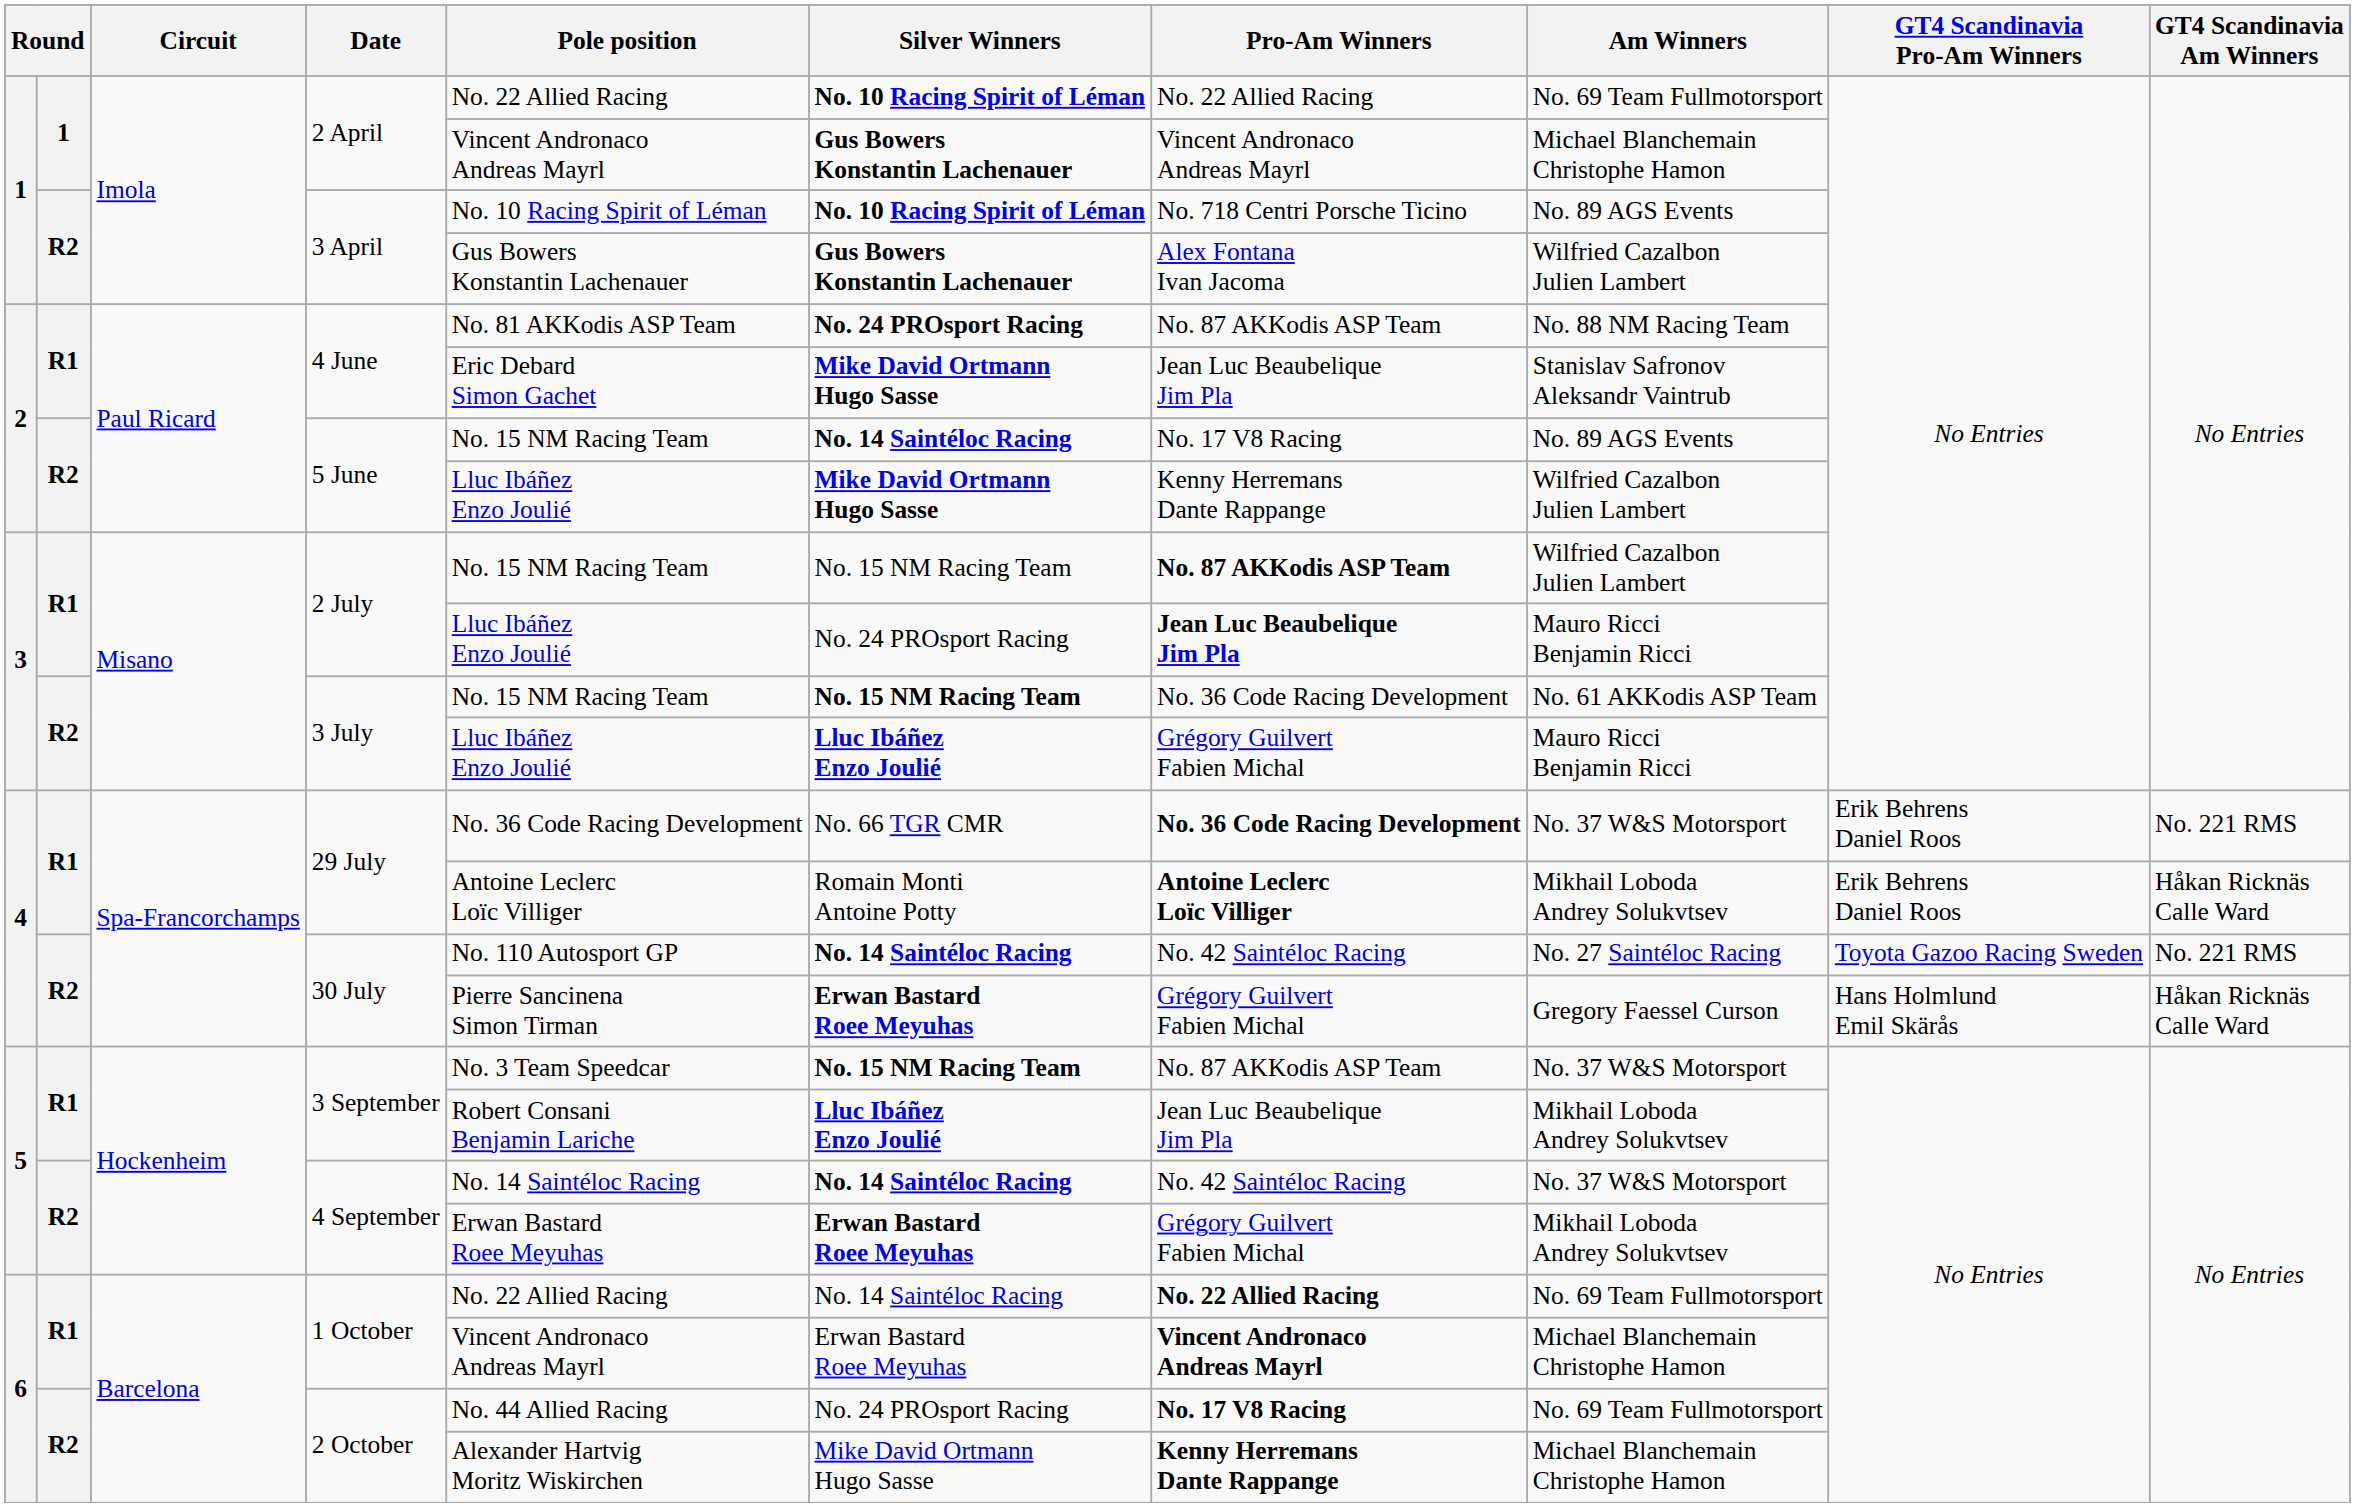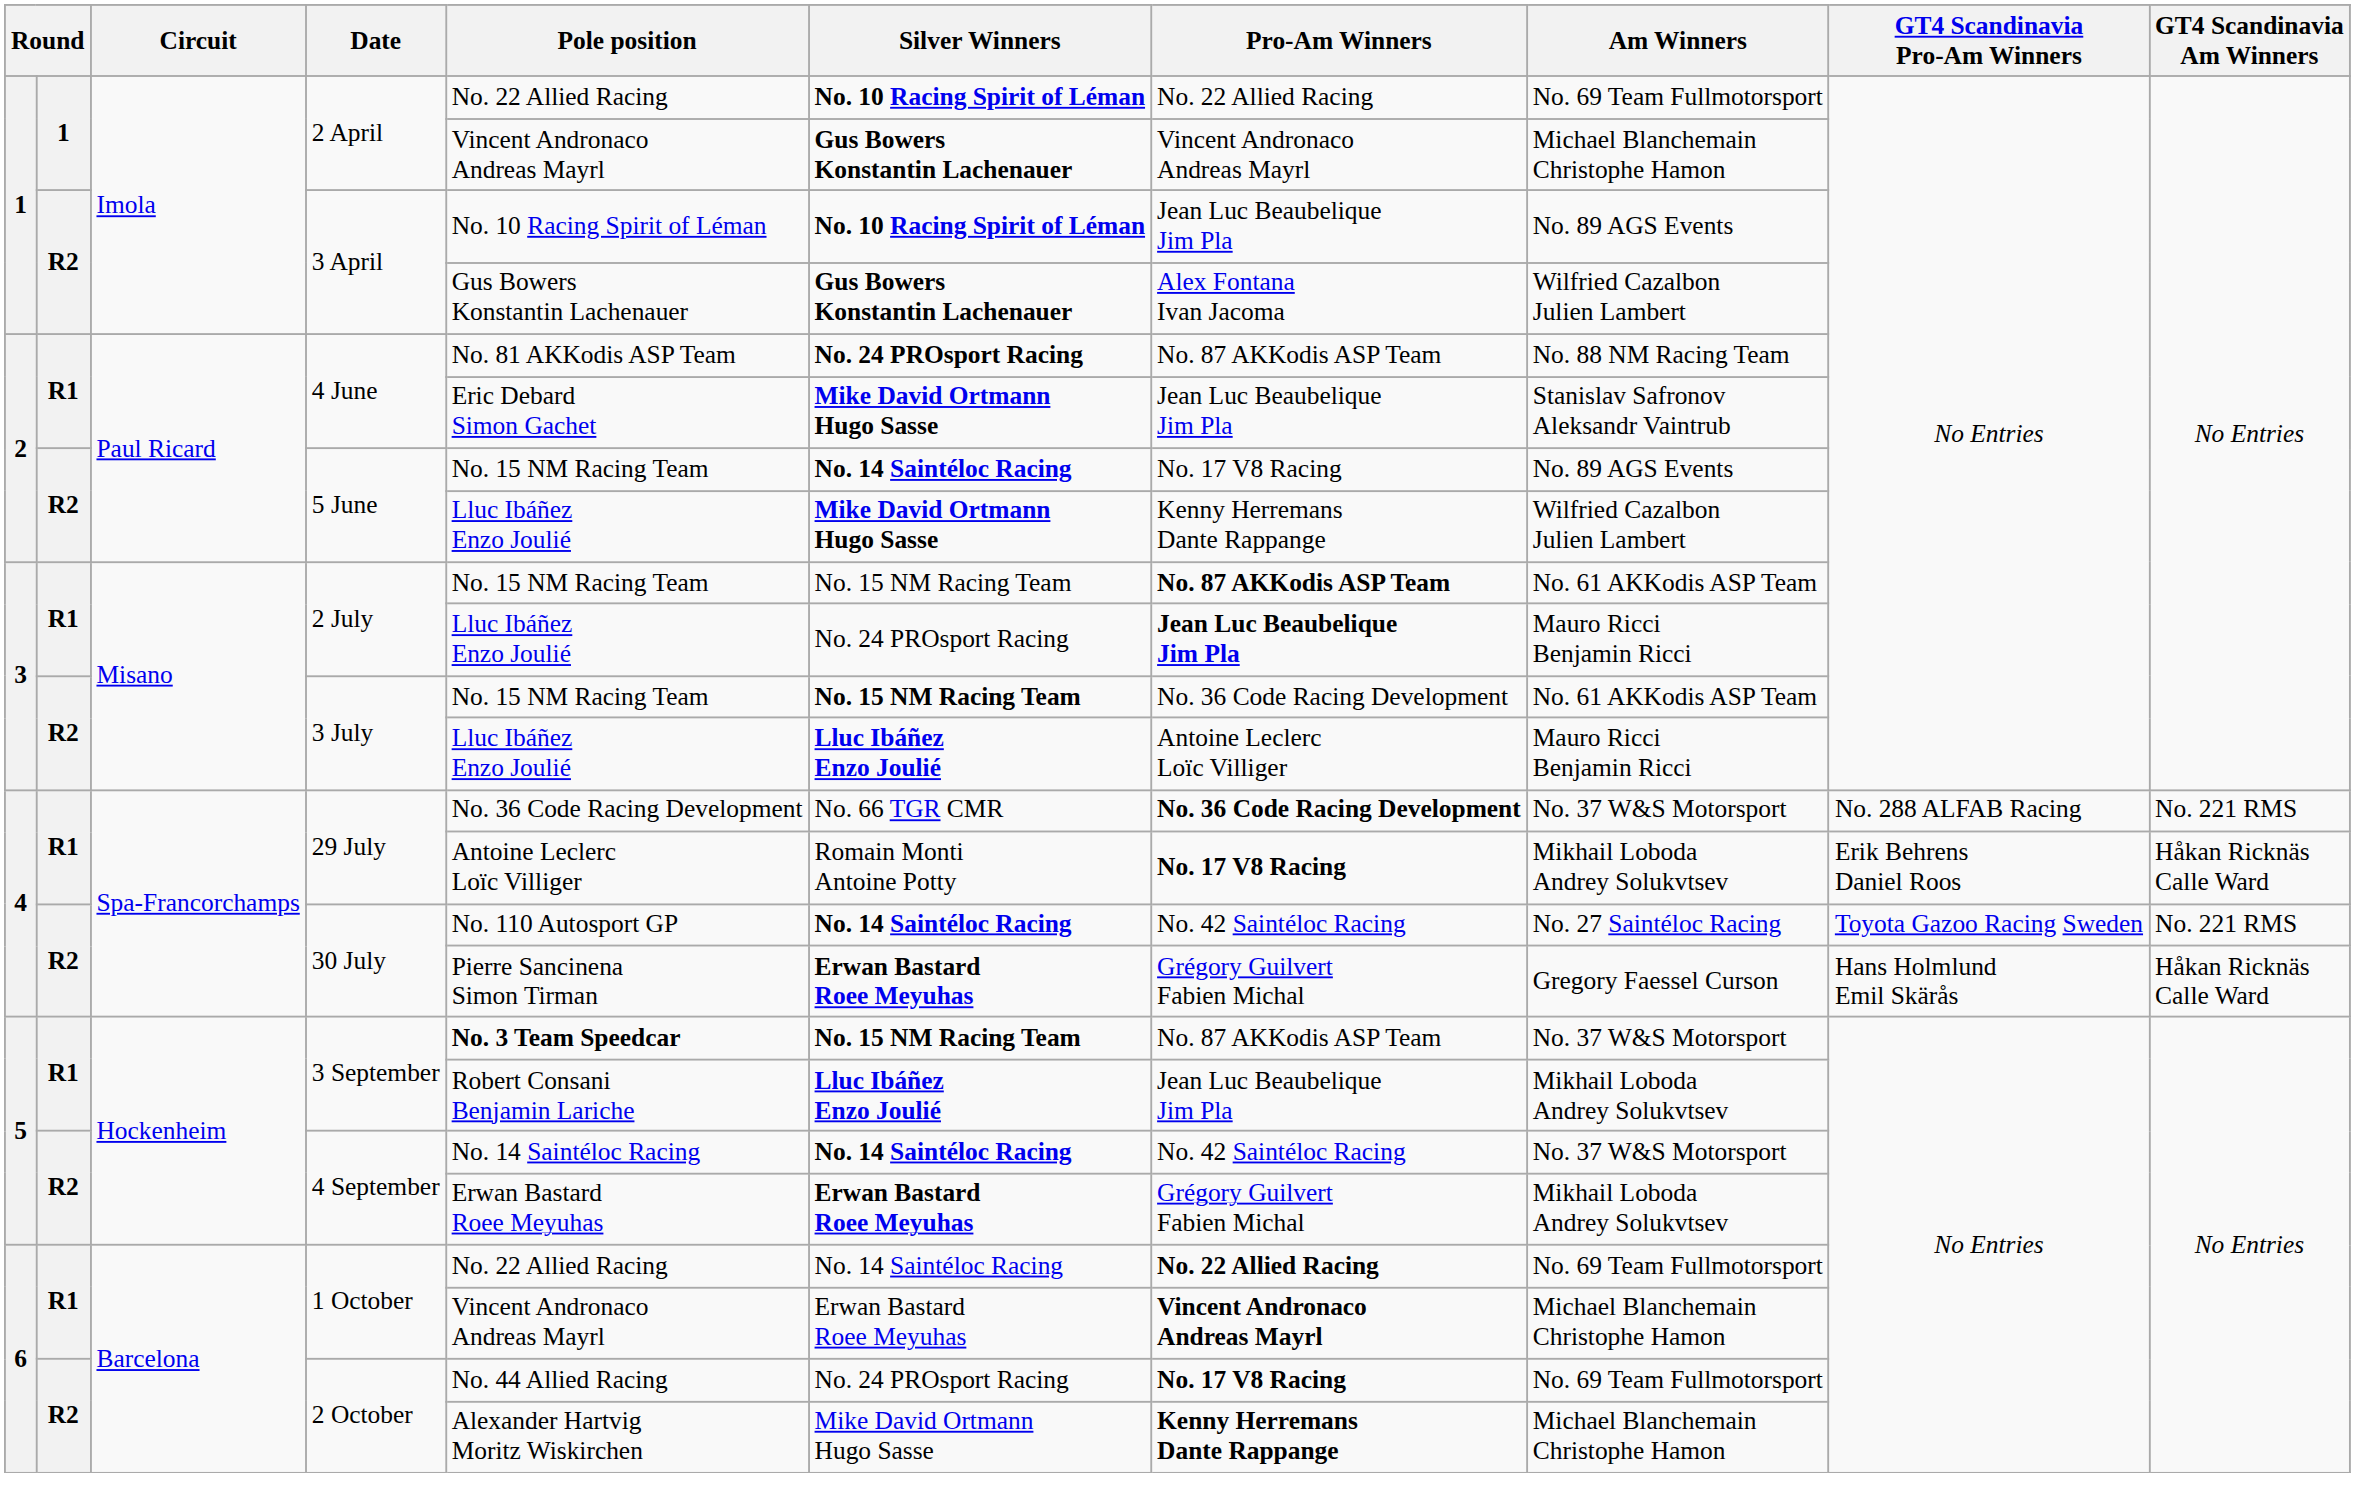 <table class="wikitable" style="font-size:85%;">
 <tr>
 <th colspan="2">Round</th>
 <th>Circuit</th>
 <th>Date</th>
 <th>Pole position</th>
 <th>Silver Winners</th>
 <th>Pro-Am Winners</th>
 <th>Am Winners</th>
 <th><a href='#'>GT4 Scandinavia</a> <br> Pro-Am Winners</th>
 <th>GT4 Scandinavia <br> Am Winners</th>
 </tr>
 <tr>
 <th rowspan="4">1</th>
 <th rowspan="2">1</th>
 <td rowspan="4"> <a href='#'>Imola</a></td>
 <td rowspan="2">2 April</td>
 <td> No. 22 Allied Racing</td>
 <td> <strong>No. 10 <a href='#'>Racing Spirit of Léman</a></strong></td>
 <td> No. 22 Allied Racing</td>
 <td> No. 69 Team Fullmotorsport</td>
 <td rowspan=12 align=center><em>No Entries</em></td>
 <td rowspan=12 align=center><em>No Entries</em></td>
 </tr>
 <tr>
 <td> Vincent Andronaco<br> Andreas Mayrl</td>
 <td><strong> Gus Bowers<br> Konstantin Lachenauer</strong></td>
 <td> Vincent Andronaco<br> Andreas Mayrl</td>
 <td> Michael Blanchemain<br> Christophe Hamon</td>
 </tr>
 <tr>
 <th rowspan="2">R2</th>
 <td rowspan="2">3 April</td>
 <td> No. 10 <a href='#'>Racing Spirit of Léman</a></td>
 <td> <strong>No. 10 <a href='#'>Racing Spirit of Léman</a></strong></td>
-<td> No. 718 Centri Porsche Ticino</td>
+<td> Jean Luc Beaubelique<br> <a href='#'>Jim Pla</a></td>
 <td> No. 89 AGS Events</td>
 </tr>
 <tr>
 <td> Gus Bowers<br> Konstantin Lachenauer</td>
 <td><strong> Gus Bowers<br> Konstantin Lachenauer</strong></td>
 <td> <a href='#'>Alex Fontana</a><br> Ivan Jacoma</td>
 <td> Wilfried Cazalbon<br> Julien Lambert</td>
 </tr>
 <tr>
 <th rowspan="4">2</th>
 <th rowspan="2">R1</th>
 <td rowspan="4"> <a href='#'>Paul Ricard</a></td>
 <td rowspan="2">4 June</td>
 <td> No. 81 AKKodis ASP Team</td>
 <td> <strong>No. 24 PROsport Racing</strong></td>
 <td> No. 87 AKKodis ASP Team</td>
 <td> No. 88 NM Racing Team</td>
 </tr>
 <tr>
 <td> Eric Debard<br> <a href='#'>Simon Gachet</a></td>
 <td><strong> <a href='#'>Mike David Ortmann</a><br> Hugo Sasse</strong></td>
 <td> Jean Luc Beaubelique<br> <a href='#'>Jim Pla</a></td>
 <td>Stanislav Safronov<br>Aleksandr Vaintrub</td>
 </tr>
 <tr>
 <th rowspan="2">R2</th>
 <td rowspan="2">5 June</td>
 <td> No. 15 NM Racing Team</td>
 <td><strong> No. 14 <a href='#'>Saintéloc Racing</a></strong></td>
 <td> No. 17 V8 Racing</td>
 <td> No. 89 AGS Events</td>
 </tr>
 <tr>
 <td> <a href='#'>Lluc Ibáñez</a><br> <a href='#'>Enzo Joulié</a></td>
 <td><strong> <a href='#'>Mike David Ortmann</a><br> Hugo Sasse</strong></td>
 <td> Kenny Herremans<br> Dante Rappange</td>
 <td> Wilfried Cazalbon<br> Julien Lambert</td>
 </tr>
 <tr>
 <th rowspan="4">3</th>
 <th rowspan="2">R1</th>
 <td rowspan="4"> <a href='#'>Misano</a></td>
 <td rowspan="2">2 July</td>
 <td> No. 15 NM Racing Team</td>
 <td> No. 15 NM Racing Team</td>
 <td> <strong>No. 87 AKKodis ASP Team</strong></td>
-<td> Wilfried Cazalbon<br> Julien Lambert</td>
+<td> No. 61 AKKodis ASP Team</td>
 </tr>
 <tr>
 <td> <a href='#'>Lluc Ibáñez</a><br> <a href='#'>Enzo Joulié</a></td>
 <td> No. 24 PROsport Racing</td>
 <td><strong> Jean Luc Beaubelique<br> <a href='#'>Jim Pla</a></strong></td>
 <td> Mauro Ricci<br> Benjamin Ricci</td>
 </tr>
 <tr>
 <th rowspan="2">R2</th>
 <td rowspan="2">3 July</td>
 <td> No. 15 NM Racing Team</td>
 <td> <strong>No. 15 NM Racing Team</strong></td>
 <td> No. 36 Code Racing Development</td>
 <td> No. 61 AKKodis ASP Team</td>
 </tr>
 <tr>
 <td> <a href='#'>Lluc Ibáñez</a><br> <a href='#'>Enzo Joulié</a></td>
 <td><strong> <a href='#'>Lluc Ibáñez</a><br> <a href='#'>Enzo Joulié</a></strong></td>
-<td> <a href='#'>Grégory Guilvert</a><br> Fabien Michal</td>
+<td> Antoine Leclerc<br> Loïc Villiger</td>
 <td> Mauro Ricci<br> Benjamin Ricci</td>
 </tr>
 <tr>
 <th rowspan="4">4</th>
 <th rowspan="2">R1</th>
 <td rowspan="4"> <a href='#'>Spa-Francorchamps</a></td>
 <td rowspan="2">29 July</td>
 <td> No. 36 Code Racing Development</td>
 <td> No. 66 <a href='#'>TGR</a> CMR</td>
 <td><strong> No. 36 Code Racing Development</strong></td>
 <td> No. 37 W&S Motorsport</td>
-<td> Erik Behrens<br> Daniel Roos</td>
+<td> No. 288 ALFAB Racing</td>
 <td> No. 221 RMS</td>
 </tr>
 <tr>
 <td> Antoine Leclerc<br> Loïc Villiger</td>
 <td> Romain Monti<br> Antoine Potty</td>
-<td><strong> Antoine Leclerc<br> Loïc Villiger</strong></td>
+<td><strong> No. 17 V8 Racing</strong></td>
 <td>Mikhail Loboda<br>Andrey Solukvtsev</td>
 <td> Erik Behrens<br> Daniel Roos</td>
 <td> Håkan Ricknäs<br> Calle Ward</td>
 </tr>
 <tr>
 <th rowspan="2">R2</th>
 <td rowspan="2">30 July</td>
 <td> No. 110 Autosport GP</td>
 <td><strong> No. 14 <a href='#'>Saintéloc Racing</a></strong></td>
 <td> No. 42 <a href='#'>Saintéloc Racing</a></td>
 <td> No. 27 <a href='#'>Saintéloc Racing</a></td>
 <td> <a href='#'>Toyota Gazoo Racing</a> <a href='#'>Sweden</a></td>
 <td> No. 221 RMS</td>
 </tr>
 <tr>
 <td> Pierre Sancinena<br> Simon Tirman</td>
 <td><strong> Erwan Bastard<br> <a href='#'>Roee Meyuhas</a></strong></td>
 <td> <a href='#'>Grégory Guilvert</a><br> Fabien Michal</td>
 <td> Gregory Faessel Curson</td>
 <td> Hans Holmlund<br> Emil Skärås</td>
 <td> Håkan Ricknäs<br> Calle Ward</td>
 </tr>
 <tr>
 <th rowspan="4">5</th>
 <th rowspan="2">R1</th>
 <td rowspan="4"> <a href='#'>Hockenheim</a></td>
 <td rowspan="2">3 September</td>
-<td> No. 3 Team Speedcar</td>
+<td><strong> No. 3 Team Speedcar</strong></td>
 <td> <strong>No. 15 NM Racing Team</strong></td>
 <td> No. 87 AKKodis ASP Team</td>
 <td> No. 37 W&S Motorsport</td>
 <td rowspan=8 align=center><em>No Entries</em></td>
 <td rowspan=8 align=center><em>No Entries</em></td>
 </tr>
 <tr>
 <td> Robert Consani<br> <a href='#'>Benjamin Lariche</a></td>
 <td><strong> <a href='#'>Lluc Ibáñez</a><br> <a href='#'>Enzo Joulié</a></strong></td>
 <td> Jean Luc Beaubelique<br> <a href='#'>Jim Pla</a></td>
 <td>Mikhail Loboda<br>Andrey Solukvtsev</td>
 </tr>
 <tr>
 <th rowspan="2">R2</th>
 <td rowspan="2">4 September</td>
 <td> No. 14 <a href='#'>Saintéloc Racing</a></td>
 <td><strong> No. 14 <a href='#'>Saintéloc Racing</a></strong></td>
 <td> No. 42 <a href='#'>Saintéloc Racing</a></td>
 <td> No. 37 W&S Motorsport</td>
 </tr>
 <tr>
 <td> Erwan Bastard<br> <a href='#'>Roee Meyuhas</a></td>
 <td><strong> Erwan Bastard<br> <a href='#'>Roee Meyuhas</a></strong></td>
 <td> <a href='#'>Grégory Guilvert</a><br> Fabien Michal</td>
 <td>Mikhail Loboda<br>Andrey Solukvtsev</td>
 </tr>
 <tr>
 <th rowspan="4">6</th>
 <th rowspan="2">R1</th>
 <td rowspan="4"> <a href='#'>Barcelona</a></td>
 <td rowspan="2">1 October</td>
 <td> No. 22 Allied Racing</td>
 <td> No. 14 <a href='#'>Saintéloc Racing</a></td>
 <td><strong> No. 22 Allied Racing</strong></td>
 <td> No. 69 Team Fullmotorsport</td>
 </tr>
 <tr>
 <td> Vincent Andronaco<br> Andreas Mayrl</td>
 <td> Erwan Bastard<br> <a href='#'>Roee Meyuhas</a></td>
 <td><strong> Vincent Andronaco<br> Andreas Mayrl</strong></td>
 <td> Michael Blanchemain<br> Christophe Hamon</td>
 </tr>
 <tr>
 <th rowspan="2">R2</th>
 <td rowspan="2">2 October</td>
 <td> No. 44 Allied Racing</td>
 <td> No. 24 PROsport Racing</td>
 <td><strong> No. 17 V8 Racing</strong></td>
 <td> No. 69 Team Fullmotorsport</td>
 </tr>
 <tr>
 <td> Alexander Hartvig<br> Moritz Wiskirchen</td>
 <td> <a href='#'>Mike David Ortmann</a><br> Hugo Sasse</td>
 <td><strong> Kenny Herremans<br> Dante Rappange</strong></td>
 <td> Michael Blanchemain<br> Christophe Hamon</td>
 </tr>
 </table>
